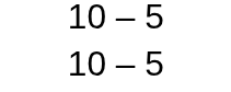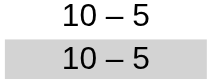 <table style="text-align:center">
 <tr>
 <th width=200></th>
 <th width=100></th>
 <th width=200></th>
 </tr>
 <tr>
 <td align=right><strong></strong></td>
 <td>10 – 5</td>
 <td align=left></td>
 </tr>
 <tr>
 <td align=right><strong></strong></td>
-<td>10 – 5</td>
+<td style="background: lightgrey;">10 – 5</td>
 <td align=left></td>
 </tr>
 </table>
